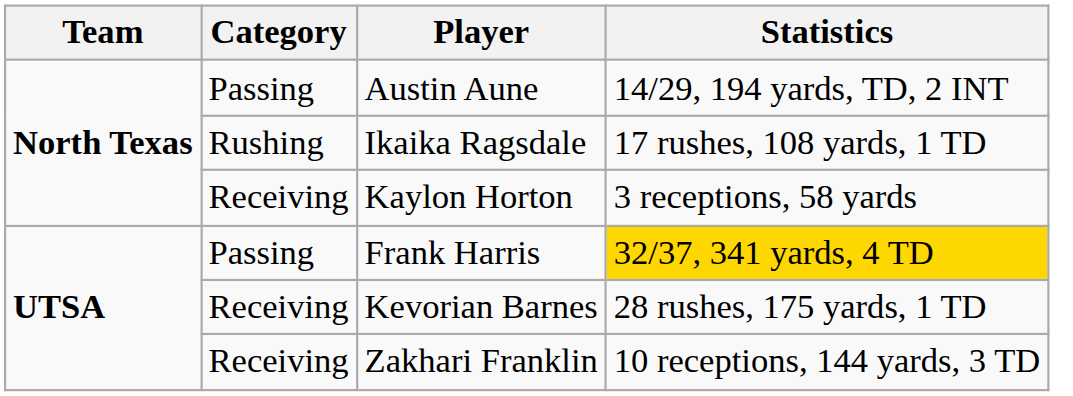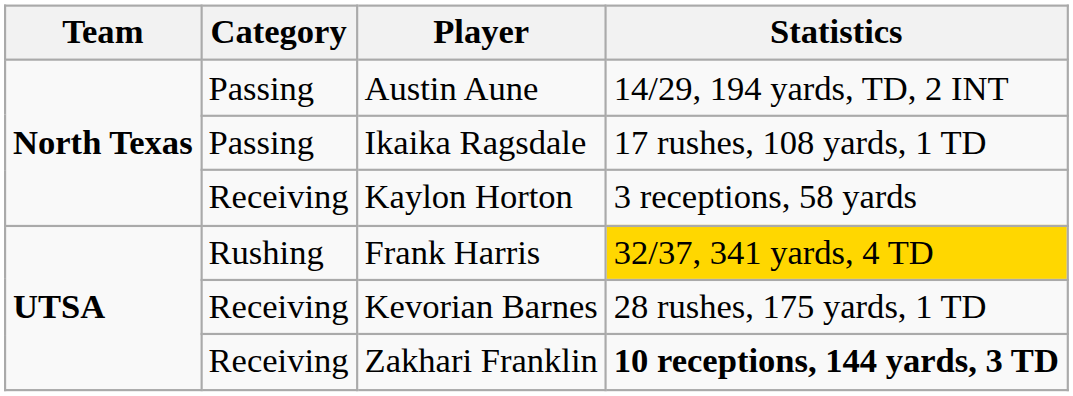 <table class="wikitable" style="float: left;">
 <tr>
 <th>Team</th>
 <th>Category</th>
 <th>Player</th>
 <th>Statistics</th>
 </tr>
 <tr>
 <td rowspan=3><strong>North Texas</strong></td>
 <td>Passing</td>
 <td>Austin Aune</td>
 <td>14/29, 194 yards, TD, 2 INT</td>
 </tr>
 <tr>
-<td>Rushing</td>
+<td>Passing</td>
 <td>Ikaika Ragsdale</td>
 <td>17 rushes, 108 yards, 1 TD</td>
 </tr>
 <tr>
 <td>Receiving</td>
 <td>Kaylon Horton</td>
 <td>3 receptions, 58 yards</td>
 </tr>
 <tr>
 <td rowspan=3><strong>UTSA</strong></td>
-<td>Passing</td>
+<td>Rushing</td>
 <td>Frank Harris</td>
 <td style="background: gold;">32/37, 341 yards, 4 TD</td>
 </tr>
 <tr>
 <td>Receiving</td>
 <td>Kevorian Barnes</td>
 <td>28 rushes, 175 yards, 1 TD</td>
 </tr>
 <tr>
 <td>Receiving</td>
 <td>Zakhari Franklin</td>
-<td>10 receptions, 144 yards, 3 TD</td>
+<td><strong>10 receptions, 144 yards, 3 TD</strong></td>
 </tr>
 </table>
